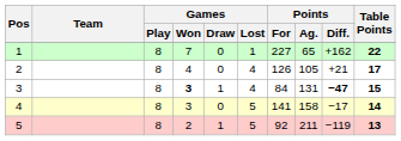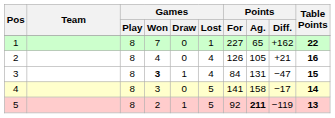 <table class="wikitable">
 <tr>
 <th rowspan=2 width=30>Pos</th>
 <th rowspan=2 width=145>Team</th>
 <th colspan=4 width=120>Games</th>
 <th colspan=3 width=90>Points</th>
 <th rowspan=2 width=30>Table <br>Points</th>
 </tr>
 <tr>
 <th width=30>Play</th>
 <th width=30>Won</th>
 <th width=30>Draw</th>
 <th width=30>Lost</th>
 <th width=30>For</th>
 <th width=30>Ag.</th>
 <th width=30>Diff.</th>
 </tr>
 <tr>
 </tr>
 <tr bgcolor=#ccffcc align=center>
 <td>1</td>
 <td align=left></td>
 <td>8</td>
 <td>7</td>
 <td>0</td>
 <td>1</td>
 <td>227</td>
 <td>65</td>
 <td>+162</td>
 <td><strong>22</strong></td>
 </tr>
 <tr bgcolor=#ffffff align=center>
 <td>2</td>
 <td align=left></td>
 <td>8</td>
 <td>4</td>
 <td>0</td>
 <td>4</td>
 <td>126</td>
 <td>105</td>
 <td>+21</td>
-<td><strong>17</strong></td>
+<td><strong>16</strong></td>
 </tr>
 <tr bgcolor=#ffffff align=center>
 <td>3</td>
 <td align=left></td>
 <td>8</td>
 <td><strong>3</strong></td>
 <td>1</td>
 <td>4</td>
 <td>84</td>
 <td>131</td>
-<td><strong>−47</strong></td>
+<td>−47</td>
 <td><strong>15</strong></td>
 </tr>
 <tr bgcolor=#ffffcc align=center>
 <td>4</td>
 <td align=left></td>
 <td>8</td>
 <td>3</td>
 <td>0</td>
 <td>5</td>
 <td>141</td>
 <td>158</td>
 <td>−17</td>
 <td><strong>14</strong></td>
 </tr>
 <tr bgcolor=#ffcccc align=center>
 <td>5</td>
 <td align=left></td>
 <td>8</td>
 <td>2</td>
 <td>1</td>
 <td>5</td>
 <td>92</td>
-<td>211</td>
+<td><strong>211</strong></td>
 <td>−119</td>
 <td><strong>13</strong></td>
 </tr>
 </table>
